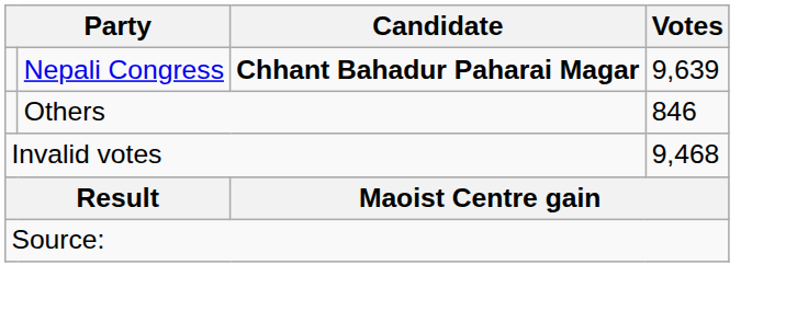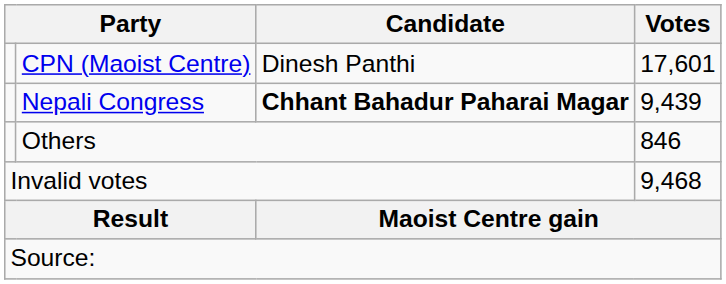 <table class="wikitable">
 <tr>
 <th colspan="2">Party</th>
 <th>Candidate</th>
 <th>Votes</th>
 </tr>
 <tr>
 <td style="background-color:"></td>
+<td><a href='#'>CPN (Maoist Centre)</a></td>
+<td>Dinesh Panthi</td>
+<td>17,601</td>
+</tr>
+<tr>
+<td style="background-color:"></td>
 <td><a href='#'>Nepali Congress</a></td>
 <td><strong>Chhant Bahadur Paharai Magar</strong></td>
-<td>9,639</td>
+<td>9,439</td>
 </tr>
 <tr>
 <td></td>
 <td colspan="2">Others</td>
 <td>846</td>
 </tr>
 <tr>
 <td colspan="3">Invalid votes</td>
 <td>9,468</td>
 </tr>
 <tr>
 <th colspan="2">Result</th>
 <th colspan="2">Maoist Centre gain</th>
 </tr>
 <tr>
 <td colspan="4">Source: </td>
 </tr>
 </table>
